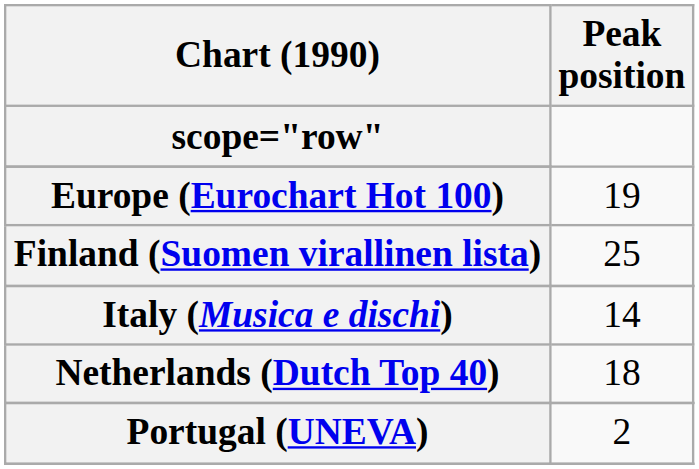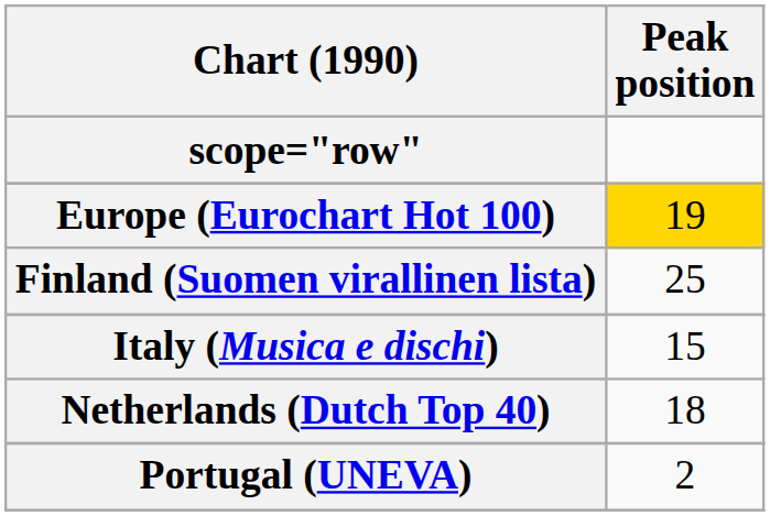 <table class="wikitable sortable plainrowheaders">
 <tr>
 <th scope="col">Chart (1990)</th>
 <th scope="col">Peak<br>position</th>
 </tr>
 <tr>
 <th>scope="row" </th>
 </tr>
 <tr>
 </tr>
 <tr>
 <th scope="row">Europe (<a href='#'>Eurochart Hot 100</a>)</th>
-<td style="text-align:center;">19</td>
+<td style="background: gold; text-align:center;">19</td>
 </tr>
 <tr>
 <th scope="row">Finland (<a href='#'>Suomen virallinen lista</a>)</th>
 <td align="center">25</td>
 </tr>
 <tr>
 </tr>
 <tr>
 <th scope="row">Italy (<em><a href='#'>Musica e dischi</a></em>)</th>
-<td align="center">14</td>
+<td align="center">15</td>
 </tr>
 <tr>
 <th scope="row">Netherlands (<a href='#'>Dutch Top 40</a>)</th>
 <td style="text-align:center;">18</td>
 </tr>
 <tr>
 </tr>
 <tr>
 <th scope="row">Portugal (<a href='#'>UNEVA</a>)</th>
 <td align="center">2</td>
 </tr>
 <tr>
 </tr>
 <tr>
 </tr>
 </table>
